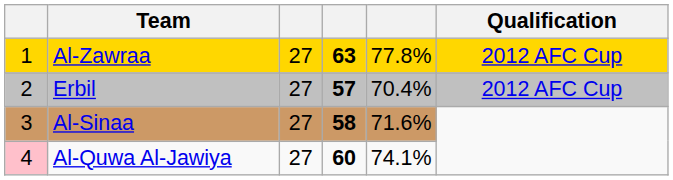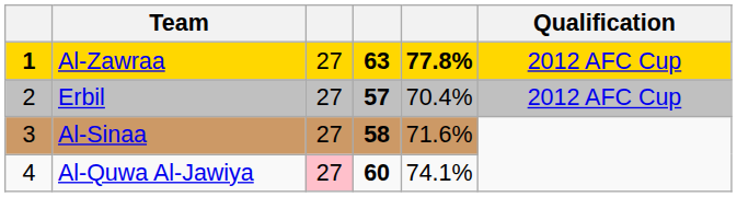 <table class="wikitable" style="text-align:center">
 <tr>
 <th width="25"></th>
 <th width="165">Team</th>
 <th width="25"></th>
 <th width="25"></th>
 <th width="25"></th>
 <th width="165">Qualification</th>
 </tr>
 <tr style="background:#FFD700;">
-<td>1</td>
+<td><strong>1</strong></td>
 <td align=left><a href='#'>Al-Zawraa</a></td>
 <td>27</td>
 <td><strong>63</strong></td>
-<td>77.8%</td>
+<td><strong>77.8%</strong></td>
 <td><a href='#'>2012 AFC Cup</a></td>
 </tr>
 <tr style="background:#C0C0C0;">
 <td>2</td>
 <td align=left><a href='#'>Erbil</a></td>
 <td>27</td>
 <td><strong>57</strong></td>
 <td>70.4%</td>
 <td><a href='#'>2012 AFC Cup</a></td>
 </tr>
 <tr style="background:#c96;">
 <td>3</td>
 <td align=left><a href='#'>Al-Sinaa</a></td>
 <td>27</td>
 <td><strong>58</strong></td>
 <td>71.6%</td>
 </tr>
 <tr>
-<td style="background: pink;">4</td>
+<td>4</td>
 <td align=left><a href='#'>Al-Quwa Al-Jawiya</a></td>
-<td>27</td>
+<td style="background: pink;">27</td>
 <td><strong>60</strong></td>
 <td>74.1%</td>
 </tr>
 </table>
